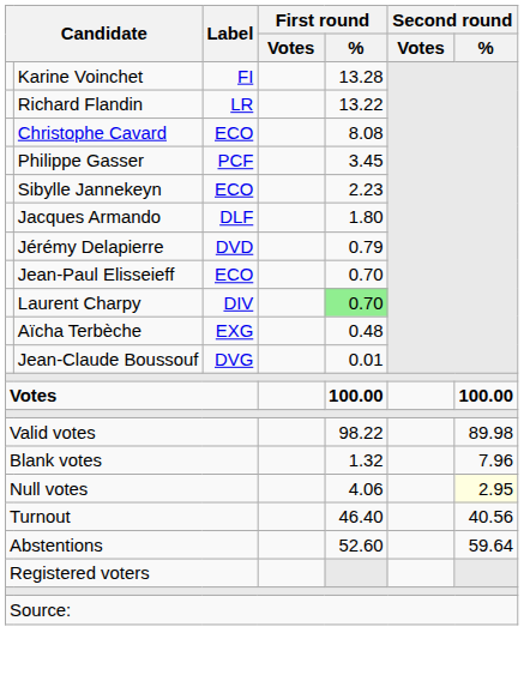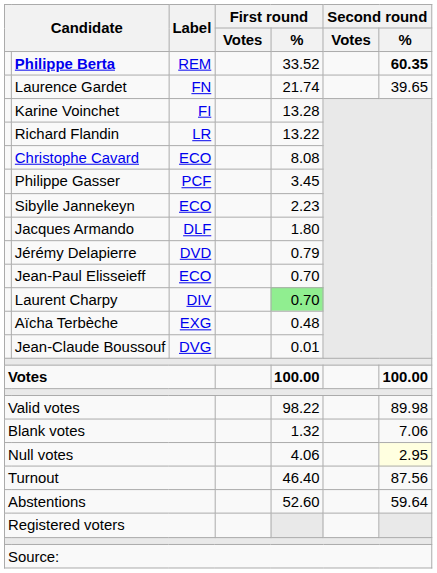 <table class="wikitable" style="text-align:right;font-size:95%;">
 <tr>
 <th rowspan="2" colspan="2">Candidate</th>
 <th rowspan="2">Label</th>
 <th colspan="2">First round</th>
 <th colspan="2">Second round</th>
 </tr>
 <tr>
 <th style="width:50px;">Votes</th>
 <th style="width:45px;">%</th>
 <th style="width:50px;">Votes</th>
 <th style="width:45px;">%</th>
+</tr>
+<tr>
+<td style="color:inherit;background:"></td>
+<td style="text-align:left;"><strong><a href='#'>Philippe Berta</a></strong></td>
+<td><a href='#'>REM</a></td>
+<td></td>
+<td>33.52</td>
+<td><strong></strong></td>
+<td><strong>60.35</strong></td>
+</tr>
+<tr>
+<td style="color:inherit;background:"></td>
+<td style="text-align:left;">Laurence Gardet</td>
+<td><a href='#'>FN</a></td>
+<td></td>
+<td>21.74</td>
+<td></td>
+<td>39.65</td>
 </tr>
 <tr>
 <td style="color:inherit;background:"></td>
 <td style="text-align:left;">Karine Voinchet</td>
 <td><a href='#'>FI</a></td>
 <td></td>
 <td>13.28</td>
 <td colspan="2" rowspan="11" style="background:#E9E9E9;"></td>
 </tr>
 <tr>
 <td style="color:inherit;background:"></td>
 <td style="text-align:left;">Richard Flandin</td>
 <td><a href='#'>LR</a></td>
 <td></td>
 <td>13.22</td>
 </tr>
 <tr>
 <td style="color:inherit;background:"></td>
 <td style="text-align:left;"><a href='#'>Christophe Cavard</a></td>
 <td><a href='#'>ECO</a></td>
 <td></td>
 <td>8.08</td>
 </tr>
 <tr>
 <td style="color:inherit;background:"></td>
 <td style="text-align:left;">Philippe Gasser</td>
 <td><a href='#'>PCF</a></td>
 <td></td>
 <td>3.45</td>
 </tr>
 <tr>
 <td style="color:inherit;background:"></td>
 <td style="text-align:left;">Sibylle Jannekeyn</td>
 <td><a href='#'>ECO</a></td>
 <td></td>
 <td>2.23</td>
 </tr>
 <tr>
 <td style="color:inherit;background:"></td>
 <td style="text-align:left;">Jacques Armando</td>
 <td><a href='#'>DLF</a></td>
 <td></td>
 <td>1.80</td>
 </tr>
 <tr>
 <td style="color:inherit;background:"></td>
 <td style="text-align:left;">Jérémy Delapierre</td>
 <td><a href='#'>DVD</a></td>
 <td></td>
 <td>0.79</td>
 </tr>
 <tr>
 <td style="color:inherit;background:"></td>
 <td style="text-align:left;">Jean-Paul Elisseieff</td>
 <td><a href='#'>ECO</a></td>
 <td></td>
 <td>0.70</td>
 </tr>
 <tr>
 <td style="color:inherit;background:"></td>
 <td style="text-align:left;">Laurent Charpy</td>
 <td><a href='#'>DIV</a></td>
 <td></td>
 <td style="background: lightgreen;">0.70</td>
 </tr>
 <tr>
 <td style="color:inherit;background:"></td>
 <td style="text-align:left;">Aïcha Terbèche</td>
 <td><a href='#'>EXG</a></td>
 <td></td>
 <td>0.48</td>
 </tr>
 <tr>
 <td style="color:inherit;background:"></td>
 <td style="text-align:left;">Jean-Claude Boussouf</td>
 <td><a href='#'>DVG</a></td>
 <td></td>
 <td>0.01</td>
 </tr>
 <tr>
 <td colspan="7" style="background:#E9E9E9;"></td>
 </tr>
 <tr style="font-weight:bold;">
 <td colspan="3" style="text-align:left;">Votes</td>
 <td></td>
 <td>100.00</td>
 <td></td>
 <td>100.00</td>
 </tr>
 <tr>
 <td colspan="7" style="background:#E9E9E9;"></td>
 </tr>
 <tr>
 <td colspan="3" style="text-align:left;">Valid votes</td>
 <td></td>
 <td>98.22</td>
 <td></td>
 <td>89.98</td>
 </tr>
 <tr>
 <td colspan="3" style="text-align:left;">Blank votes</td>
 <td></td>
 <td>1.32</td>
 <td></td>
-<td>7.96</td>
+<td>7.06</td>
 </tr>
 <tr>
 <td colspan="3" style="text-align:left;">Null votes</td>
 <td></td>
 <td>4.06</td>
 <td></td>
 <td style="background: lightyellow;">2.95</td>
 </tr>
 <tr>
 <td colspan="3" style="text-align:left;">Turnout</td>
 <td></td>
 <td>46.40</td>
 <td></td>
-<td>40.56</td>
+<td>87.56</td>
 </tr>
 <tr>
 <td colspan="3" style="text-align:left;">Abstentions</td>
 <td></td>
 <td>52.60</td>
 <td></td>
 <td>59.64</td>
 </tr>
 <tr>
 <td colspan="3" style="text-align:left;">Registered voters</td>
 <td></td>
 <td style="color:inherit;background:#E9E9E9;"></td>
 <td></td>
 <td style="color:inherit;background:#E9E9E9;"></td>
 </tr>
 <tr>
 <td colspan="7" style="background:#E9E9E9;"></td>
 </tr>
 <tr>
 <td colspan="7" style="text-align:left;">Source: </td>
 </tr>
 </table>
